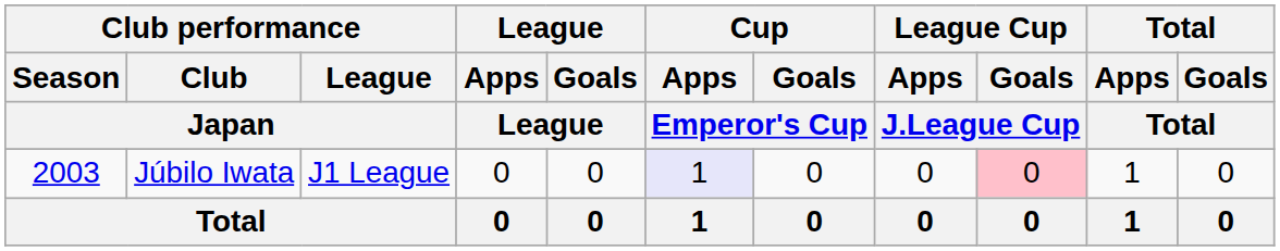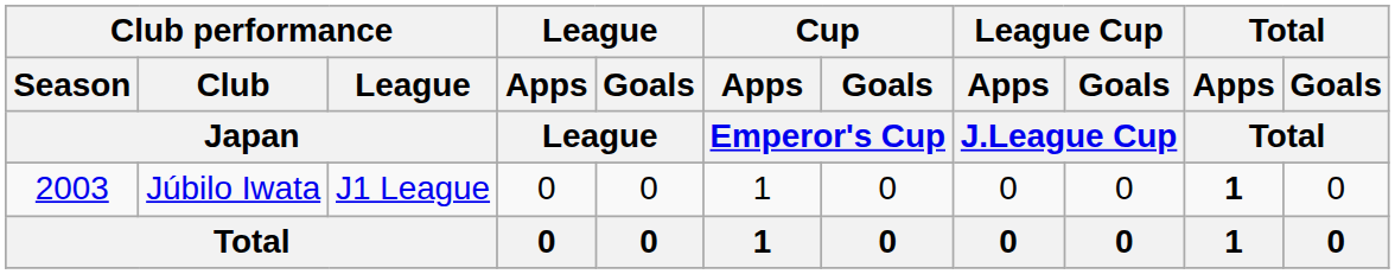 <table class="wikitable" style="text-align:center;">
 <tr>
 <th colspan=3>Club performance</th>
 <th colspan=2>League</th>
 <th colspan=2>Cup</th>
 <th colspan=2>League Cup</th>
 <th colspan=2>Total</th>
 </tr>
 <tr>
 <th>Season</th>
 <th>Club</th>
 <th>League</th>
 <th>Apps</th>
 <th>Goals</th>
 <th>Apps</th>
 <th>Goals</th>
 <th>Apps</th>
 <th>Goals</th>
 <th>Apps</th>
 <th>Goals</th>
 </tr>
 <tr>
 <th colspan=3>Japan</th>
 <th colspan=2>League</th>
 <th colspan=2><a href='#'>Emperor's Cup</a></th>
 <th colspan=2><a href='#'>J.League Cup</a></th>
 <th colspan=2>Total</th>
 </tr>
 <tr>
 <td><a href='#'>2003</a></td>
 <td><a href='#'>Júbilo Iwata</a></td>
 <td><a href='#'>J1 League</a></td>
 <td>0</td>
 <td>0</td>
-<td style="background: lavender;">1</td>
+<td>1</td>
 <td>0</td>
 <td>0</td>
-<td style="background: pink;">0</td>
-<td>1</td>
+<td>0</td>
+<td><strong>1</strong></td>
 <td>0</td>
 </tr>
 <tr>
 <th colspan=3>Total</th>
 <th>0</th>
 <th>0</th>
 <th>1</th>
 <th>0</th>
 <th>0</th>
 <th>0</th>
 <th>1</th>
 <th>0</th>
 </tr>
 </table>
